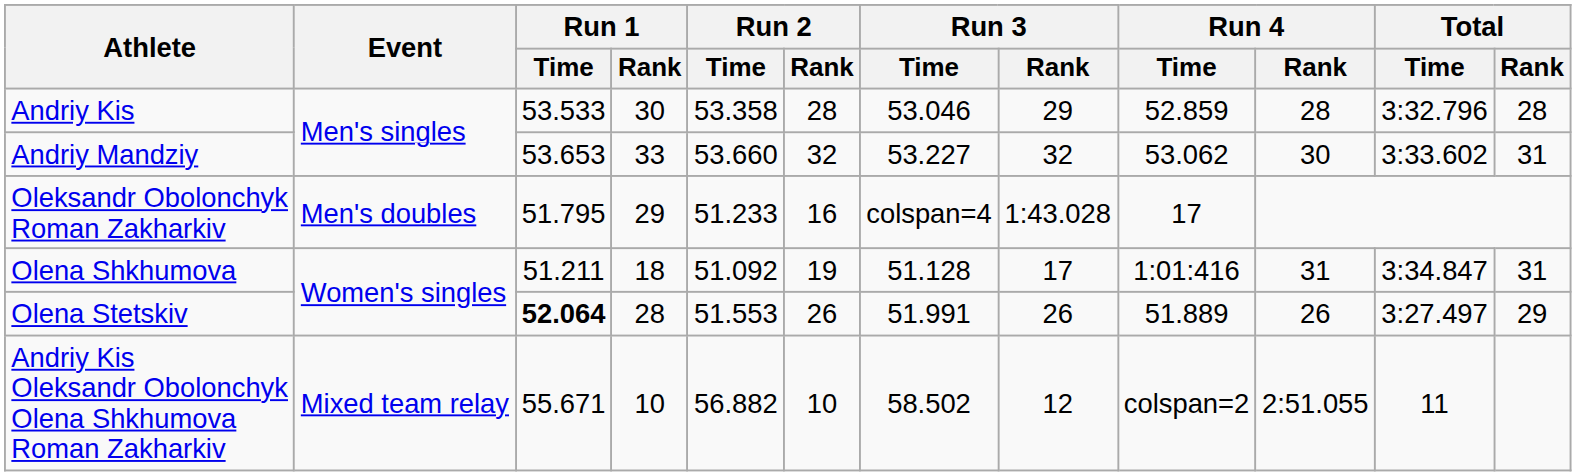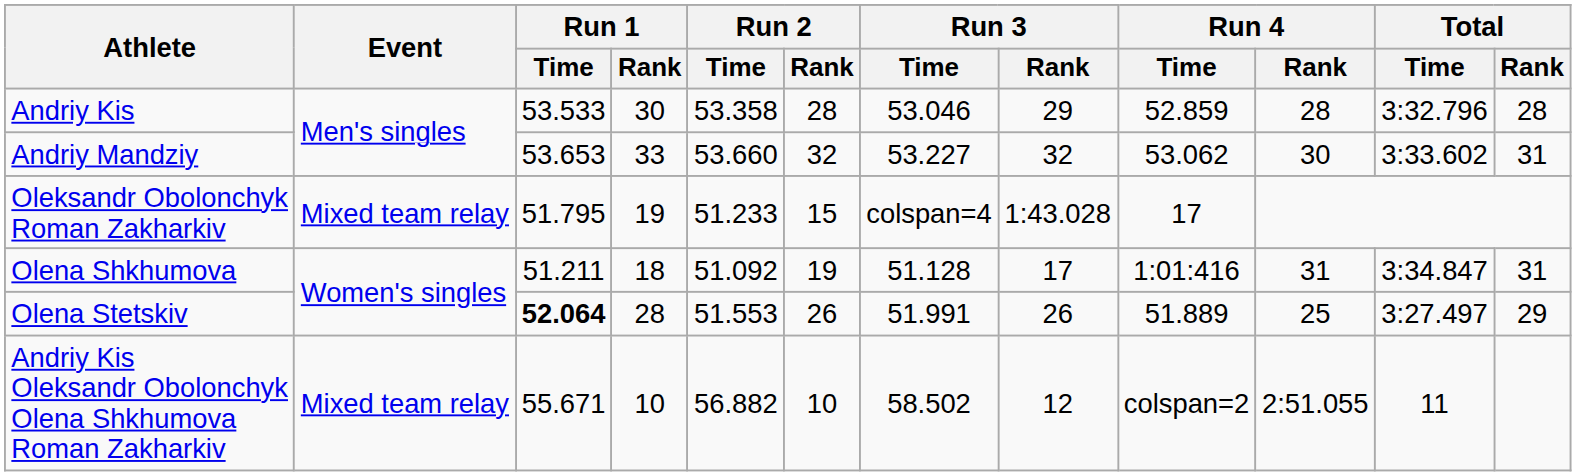 <table class="wikitable" style="font-size:90%">
 <tr>
 <th rowspan="2">Athlete</th>
 <th rowspan="2">Event</th>
 <th colspan="2">Run 1</th>
 <th colspan="2">Run 2</th>
 <th colspan="2">Run 3</th>
 <th colspan="2">Run 4</th>
 <th colspan="2">Total</th>
 </tr>
 <tr style="font-size:95%">
 <th>Time</th>
 <th>Rank</th>
 <th>Time</th>
 <th>Rank</th>
 <th>Time</th>
 <th>Rank</th>
 <th>Time</th>
 <th>Rank</th>
 <th>Time</th>
 <th>Rank</th>
 </tr>
 <tr align=center>
 <td align=left><a href='#'>Andriy Kis</a></td>
 <td align=left rowspan=2><a href='#'>Men's singles</a></td>
 <td>53.533</td>
 <td>30</td>
 <td>53.358</td>
 <td>28</td>
 <td>53.046</td>
 <td>29</td>
 <td>52.859</td>
 <td>28</td>
 <td>3:32.796</td>
 <td>28</td>
 </tr>
 <tr align=center>
 <td align=left><a href='#'>Andriy Mandziy</a></td>
 <td>53.653</td>
 <td>33</td>
 <td>53.660</td>
 <td>32</td>
 <td>53.227</td>
 <td>32</td>
 <td>53.062</td>
 <td>30</td>
 <td>3:33.602</td>
 <td>31</td>
 </tr>
 <tr align=center>
 <td align=left><a href='#'>Oleksandr Obolonchyk</a><br><a href='#'>Roman Zakharkiv</a></td>
-<td align=left><a href='#'>Men's doubles</a></td>
+<td align=left><a href='#'>Mixed team relay</a></td>
 <td>51.795</td>
-<td>29</td>
+<td>19</td>
 <td>51.233</td>
-<td>16</td>
+<td>15</td>
 <td>colspan=4 </td>
 <td>1:43.028</td>
 <td>17</td>
 </tr>
 <tr align=center>
 <td align=left><a href='#'>Olena Shkhumova</a></td>
 <td align=left rowspan=2><a href='#'>Women's singles</a></td>
 <td>51.211</td>
 <td>18</td>
 <td>51.092</td>
 <td>19</td>
 <td>51.128</td>
 <td>17</td>
 <td>1:01:416</td>
 <td>31</td>
 <td>3:34.847</td>
 <td>31</td>
 </tr>
 <tr align=center>
 <td align=left><a href='#'>Olena Stetskiv</a></td>
 <td><strong>52.064</strong></td>
 <td>28</td>
 <td>51.553</td>
 <td>26</td>
 <td>51.991</td>
 <td>26</td>
 <td>51.889</td>
-<td>26</td>
+<td>25</td>
 <td>3:27.497</td>
 <td>29</td>
 </tr>
 <tr align=center>
 <td align=left><a href='#'>Andriy Kis</a><br><a href='#'>Oleksandr Obolonchyk</a><br><a href='#'>Olena Shkhumova</a><br><a href='#'>Roman Zakharkiv</a></td>
 <td align=left><a href='#'>Mixed team relay</a></td>
 <td>55.671</td>
 <td>10</td>
 <td>56.882</td>
 <td>10</td>
 <td>58.502</td>
 <td>12</td>
 <td>colspan=2 </td>
 <td>2:51.055</td>
 <td>11</td>
 </tr>
 </table>
